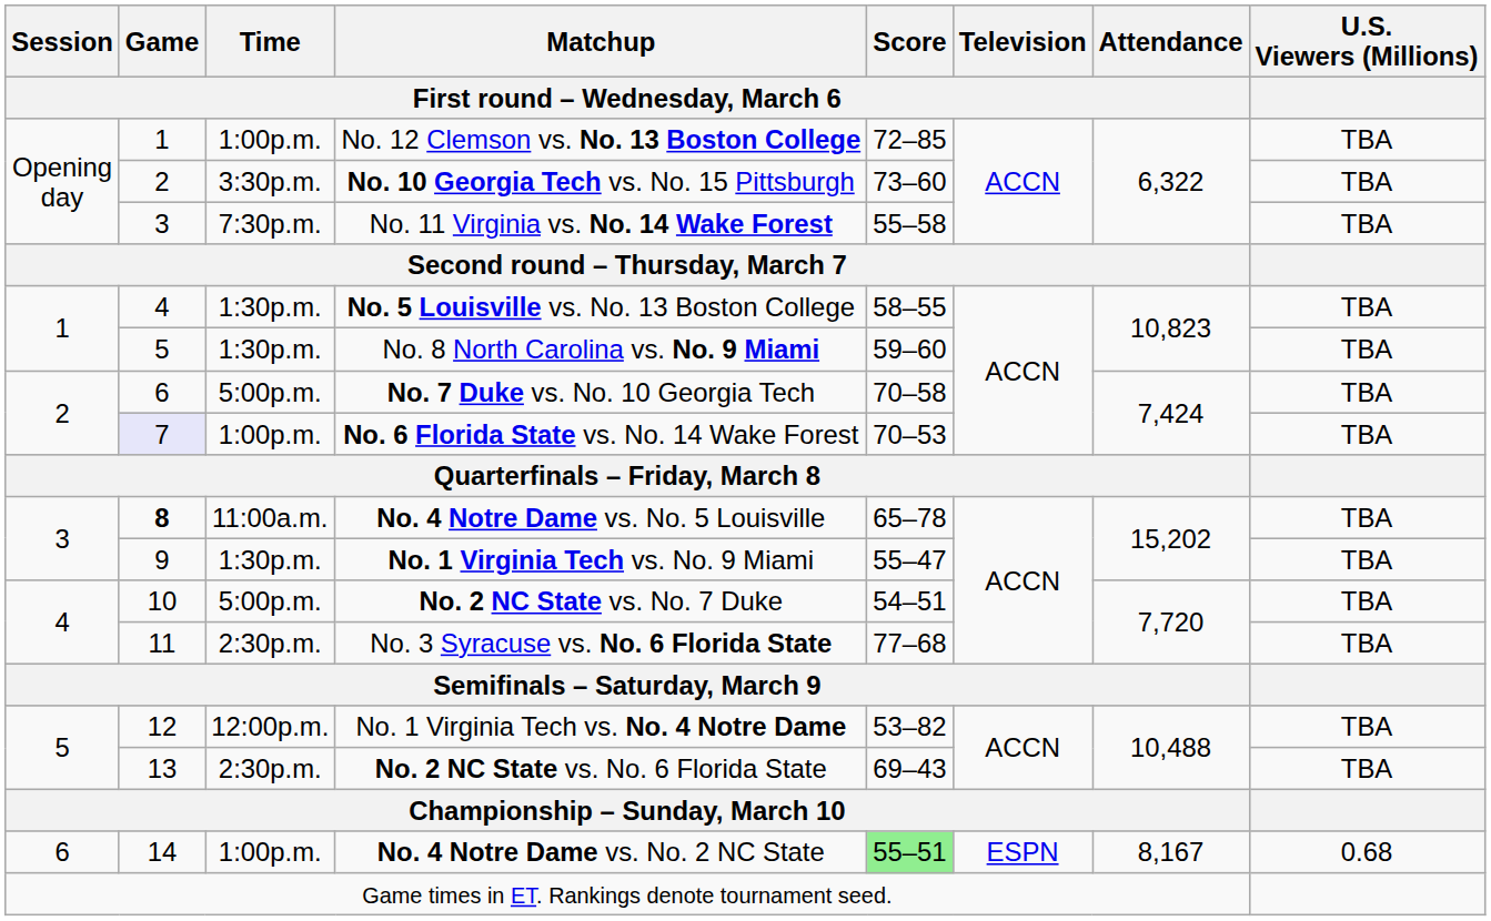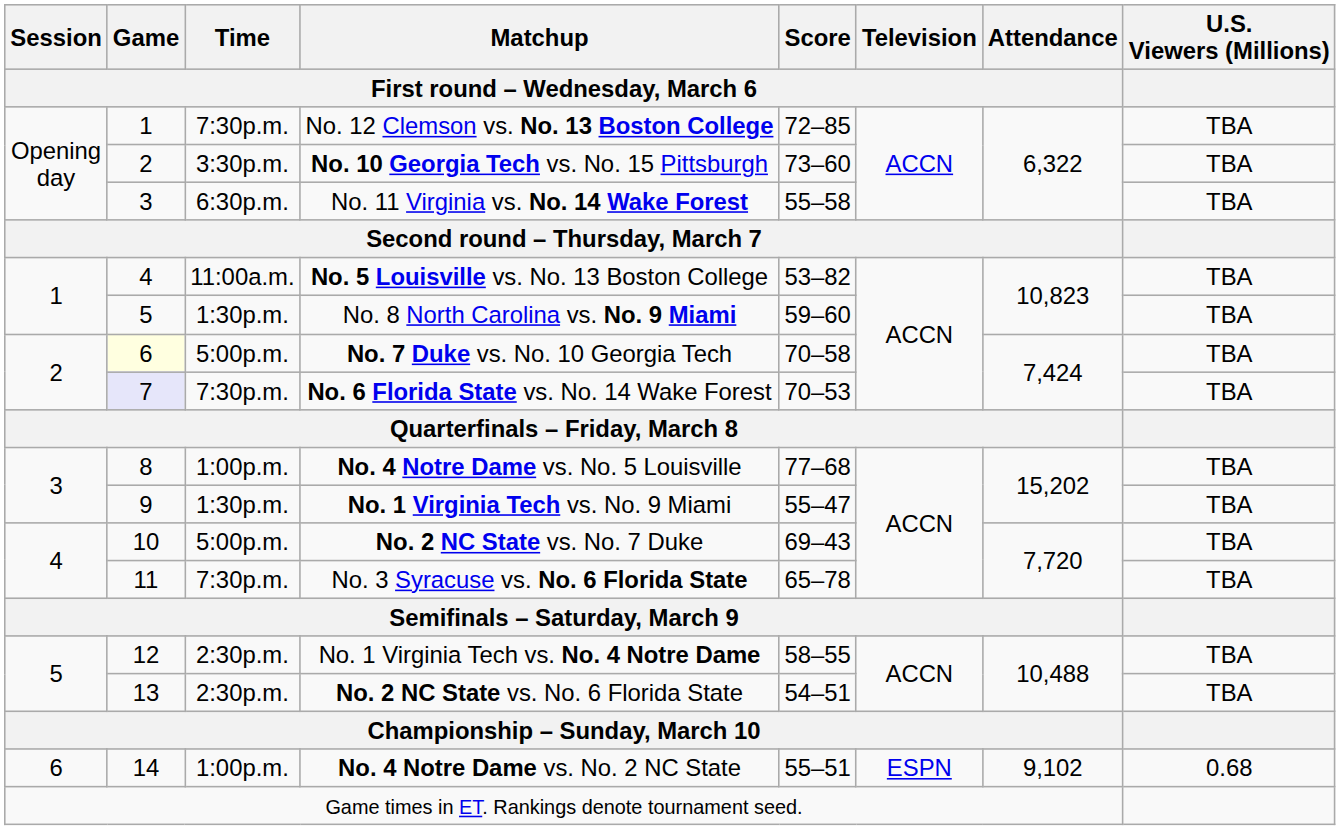 <table class="wikitable" style="font-size: 95%;text-align:center">
 <tr>
 <th>Session</th>
 <th>Game</th>
 <th>Time</th>
 <th>Matchup</th>
 <th>Score</th>
 <th>Television</th>
 <th>Attendance</th>
 <th>U.S.<br>Viewers (Millions)</th>
 </tr>
 <tr>
 <th colspan="7">First round – Wednesday, March 6</th>
 <th></th>
 </tr>
 <tr>
 <td rowspan="3">Opening<br>day</td>
 <td>1</td>
-<td>1:00p.m.</td>
+<td>7:30p.m.</td>
 <td>No. 12 <a href='#'>Clemson</a> vs. <strong>No. 13 <a href='#'>Boston College</a></strong></td>
 <td>72–85</td>
 <td rowspan="3"><a href='#'>ACCN</a></td>
 <td rowspan="3">6,322</td>
 <td>TBA</td>
 </tr>
 <tr>
 <td>2</td>
 <td>3:30p.m.</td>
 <td><strong>No. 10 <a href='#'>Georgia Tech</a></strong> vs. No. 15 <a href='#'>Pittsburgh</a></td>
 <td>73–60</td>
 <td>TBA</td>
 </tr>
 <tr>
 <td>3</td>
-<td>7:30p.m.</td>
+<td>6:30p.m.</td>
 <td>No. 11 <a href='#'>Virginia</a> vs. <strong>No. 14 <a href='#'>Wake Forest</a></strong></td>
 <td>55–58</td>
 <td>TBA</td>
 </tr>
 <tr>
 <th colspan="7">Second round – Thursday, March 7</th>
 <th></th>
 </tr>
 <tr>
 <td rowspan="2">1</td>
 <td>4</td>
-<td>1:30p.m.</td>
+<td>11:00a.m.</td>
 <td><strong>No. 5 <a href='#'>Louisville</a></strong> vs. No. 13 Boston College</td>
-<td>58–55</td>
+<td>53–82</td>
 <td rowspan=4>ACCN</td>
 <td rowspan="2">10,823</td>
 <td>TBA</td>
 </tr>
 <tr>
 <td>5</td>
 <td>1:30p.m.</td>
 <td>No. 8 <a href='#'>North Carolina</a> vs. <strong>No. 9 <a href='#'>Miami</a></strong></td>
 <td>59–60</td>
 <td>TBA</td>
 </tr>
 <tr>
 <td rowspan="2">2</td>
-<td>6</td>
+<td style="background: lightyellow;">6</td>
 <td>5:00p.m.</td>
 <td><strong>No. 7 <a href='#'>Duke</a></strong> vs. No. 10 Georgia Tech</td>
 <td>70–58</td>
 <td rowspan="2">7,424</td>
 <td>TBA</td>
 </tr>
 <tr>
 <td style="background: lavender;">7</td>
-<td>1:00p.m.</td>
+<td>7:30p.m.</td>
 <td><strong>No. 6 <a href='#'>Florida State</a></strong> vs. No. 14 Wake Forest</td>
 <td>70–53</td>
 <td>TBA</td>
 </tr>
 <tr>
 <th colspan="7">Quarterfinals – Friday, March 8</th>
 <th></th>
 </tr>
 <tr>
 <td rowspan="2">3</td>
-<td><strong>8</strong></td>
-<td>11:00a.m.</td>
+<td>8</td>
+<td>1:00p.m.</td>
 <td><strong>No. 4 <a href='#'>Notre Dame</a></strong> vs. No. 5 Louisville</td>
-<td>65–78</td>
+<td>77–68</td>
 <td rowspan="4">ACCN</td>
 <td rowspan="2">15,202</td>
 <td>TBA</td>
 </tr>
 <tr>
 <td>9</td>
 <td>1:30p.m.</td>
 <td><strong>No. 1 <a href='#'>Virginia Tech</a></strong> vs. No. 9 Miami</td>
 <td>55–47</td>
 <td>TBA</td>
 </tr>
 <tr>
 <td rowspan="2">4</td>
 <td>10</td>
 <td>5:00p.m.</td>
 <td><strong>No. 2 <a href='#'>NC State</a></strong> vs. No. 7 Duke</td>
-<td>54–51</td>
+<td>69–43</td>
 <td rowspan="2">7,720</td>
 <td>TBA</td>
 </tr>
 <tr>
 <td>11</td>
-<td>2:30p.m.</td>
+<td>7:30p.m.</td>
 <td>No. 3 <a href='#'>Syracuse</a> vs. <strong>No. 6 Florida State</strong></td>
-<td>77–68</td>
+<td>65–78</td>
 <td>TBA</td>
 </tr>
 <tr>
 <th colspan="7">Semifinals – Saturday, March 9</th>
 <th></th>
 </tr>
 <tr>
 <td rowspan="2">5</td>
 <td>12</td>
-<td>12:00p.m.</td>
+<td>2:30p.m.</td>
 <td>No. 1 Virginia Tech vs. <strong>No. 4 Notre Dame</strong></td>
-<td>53–82</td>
+<td>58–55</td>
 <td rowspan="2">ACCN</td>
 <td rowspan="2">10,488</td>
 <td>TBA</td>
 </tr>
 <tr>
 <td>13</td>
 <td>2:30p.m.</td>
 <td><strong>No. 2 NC State</strong> vs. No. 6 Florida State</td>
-<td>69–43</td>
+<td>54–51</td>
 <td>TBA</td>
 </tr>
 <tr>
 <th colspan="7">Championship – Sunday, March 10</th>
 <th></th>
 </tr>
 <tr>
 <td>6</td>
 <td>14</td>
 <td>1:00p.m.</td>
 <td><strong>No. 4 Notre Dame</strong> vs. No. 2 NC State</td>
-<td style="background: lightgreen;">55–51</td>
+<td>55–51</td>
 <td><a href='#'>ESPN</a></td>
-<td>8,167</td>
+<td>9,102</td>
 <td>0.68</td>
 </tr>
 <tr>
 <td colspan="7"><small>Game times in <a href='#'>ET</a>. Rankings denote tournament seed.</small></td>
 <td></td>
 </tr>
 </table>
